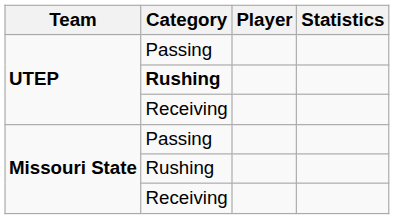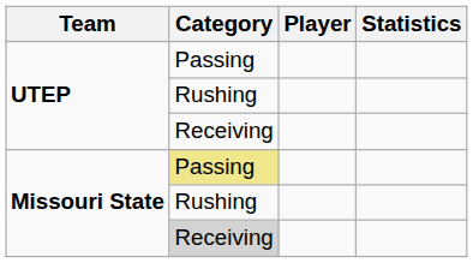 <table class="wikitable" style="float: right;">
 <tr>
 <th>Team</th>
 <th>Category</th>
 <th>Player</th>
 <th>Statistics</th>
 </tr>
 <tr>
 <td rowspan=3><strong>UTEP</strong></td>
 <td>Passing</td>
 <td></td>
 <td></td>
 </tr>
 <tr>
-<td><strong>Rushing</strong></td>
+<td>Rushing</td>
 <td></td>
 <td></td>
 </tr>
 <tr>
 <td>Receiving</td>
 <td></td>
 <td></td>
 </tr>
 <tr>
 <td rowspan=3><strong>Missouri State</strong></td>
-<td>Passing</td>
+<td style="background: khaki;">Passing</td>
 <td></td>
 <td></td>
 </tr>
 <tr>
 <td>Rushing</td>
 <td></td>
 <td></td>
 </tr>
 <tr>
-<td>Receiving</td>
+<td style="background: lightgrey;">Receiving</td>
 <td></td>
 <td></td>
 </tr>
 </table>
